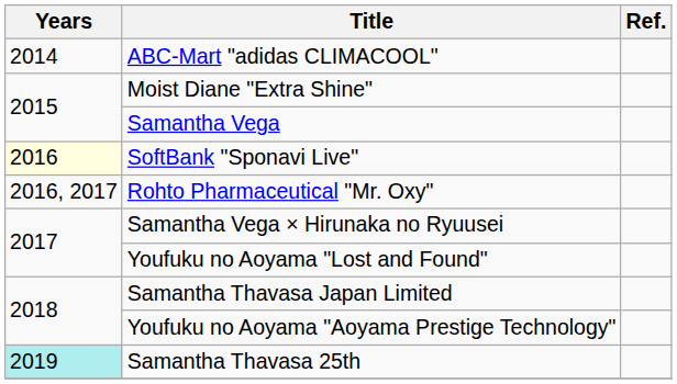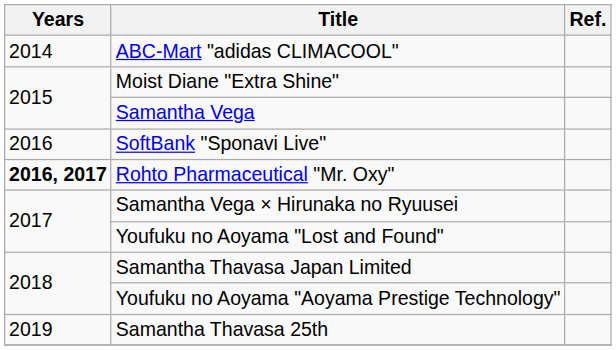 <table class="wikitable">
 <tr>
 <th>Years</th>
 <th>Title</th>
 <th>Ref.</th>
 </tr>
 <tr>
 <td>2014</td>
 <td><a href='#'>ABC-Mart</a> "adidas CLIMACOOL"</td>
 <td></td>
 </tr>
 <tr>
 <td rowspan="2">2015</td>
 <td>Moist Diane "Extra Shine"</td>
 <td></td>
 </tr>
 <tr>
 <td><a href='#'>Samantha Vega</a></td>
 <td></td>
 </tr>
 <tr>
-<td style="background: lightyellow;">2016</td>
+<td>2016</td>
 <td><a href='#'>SoftBank</a> "Sponavi Live"</td>
 <td></td>
 </tr>
 <tr>
-<td>2016, 2017</td>
+<td><strong>2016, 2017</strong></td>
 <td><a href='#'>Rohto Pharmaceutical</a> "Mr. Oxy"</td>
 <td></td>
 </tr>
 <tr>
 <td rowspan="2">2017</td>
 <td>Samantha Vega × Hirunaka no Ryuusei</td>
 <td></td>
 </tr>
 <tr>
 <td>Youfuku no Aoyama "Lost and Found"</td>
 <td></td>
 </tr>
 <tr>
 <td rowspan="2">2018</td>
 <td>Samantha Thavasa Japan Limited</td>
 <td></td>
 </tr>
 <tr>
 <td>Youfuku no Aoyama "Aoyama Prestige Technology"</td>
 <td></td>
 </tr>
 <tr>
-<td style="background: paleturquoise;">2019</td>
+<td>2019</td>
 <td>Samantha Thavasa 25th</td>
 <td></td>
 </tr>
 <tr>
 </tr>
 </table>
